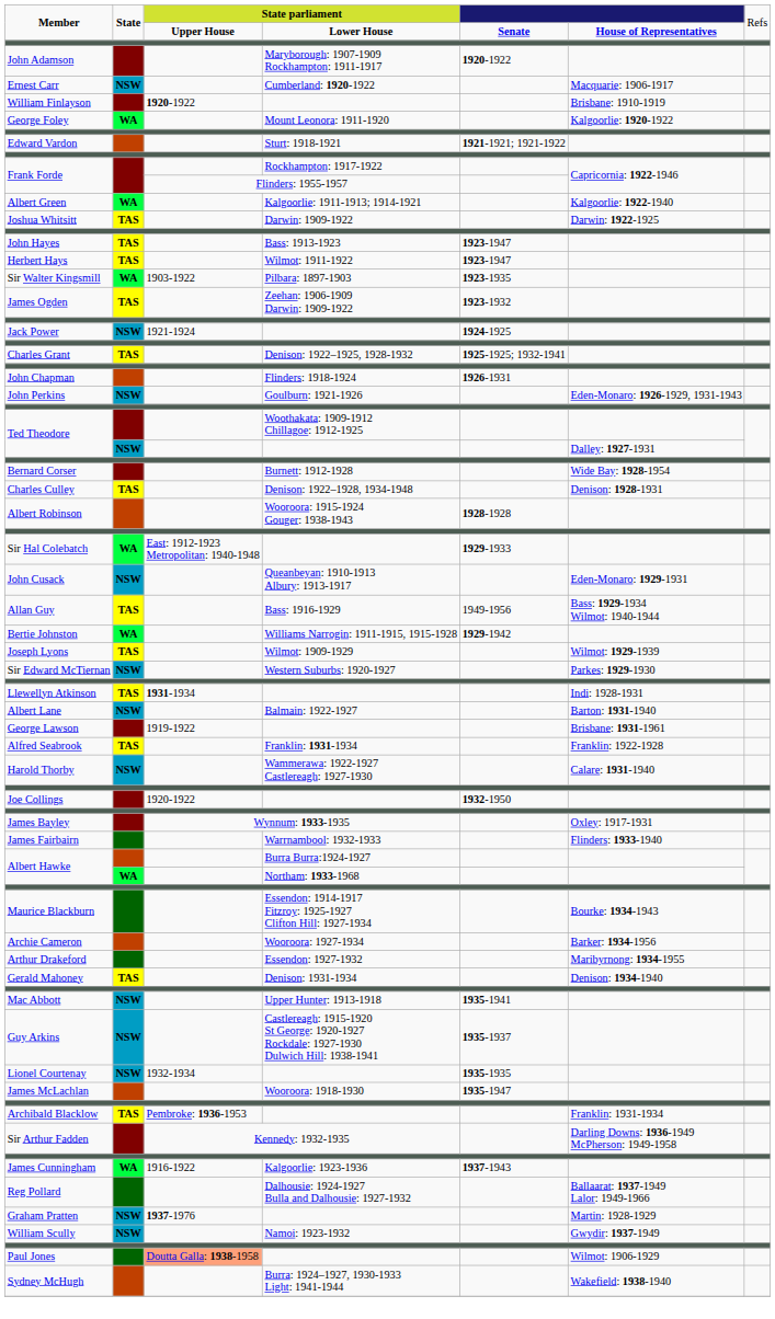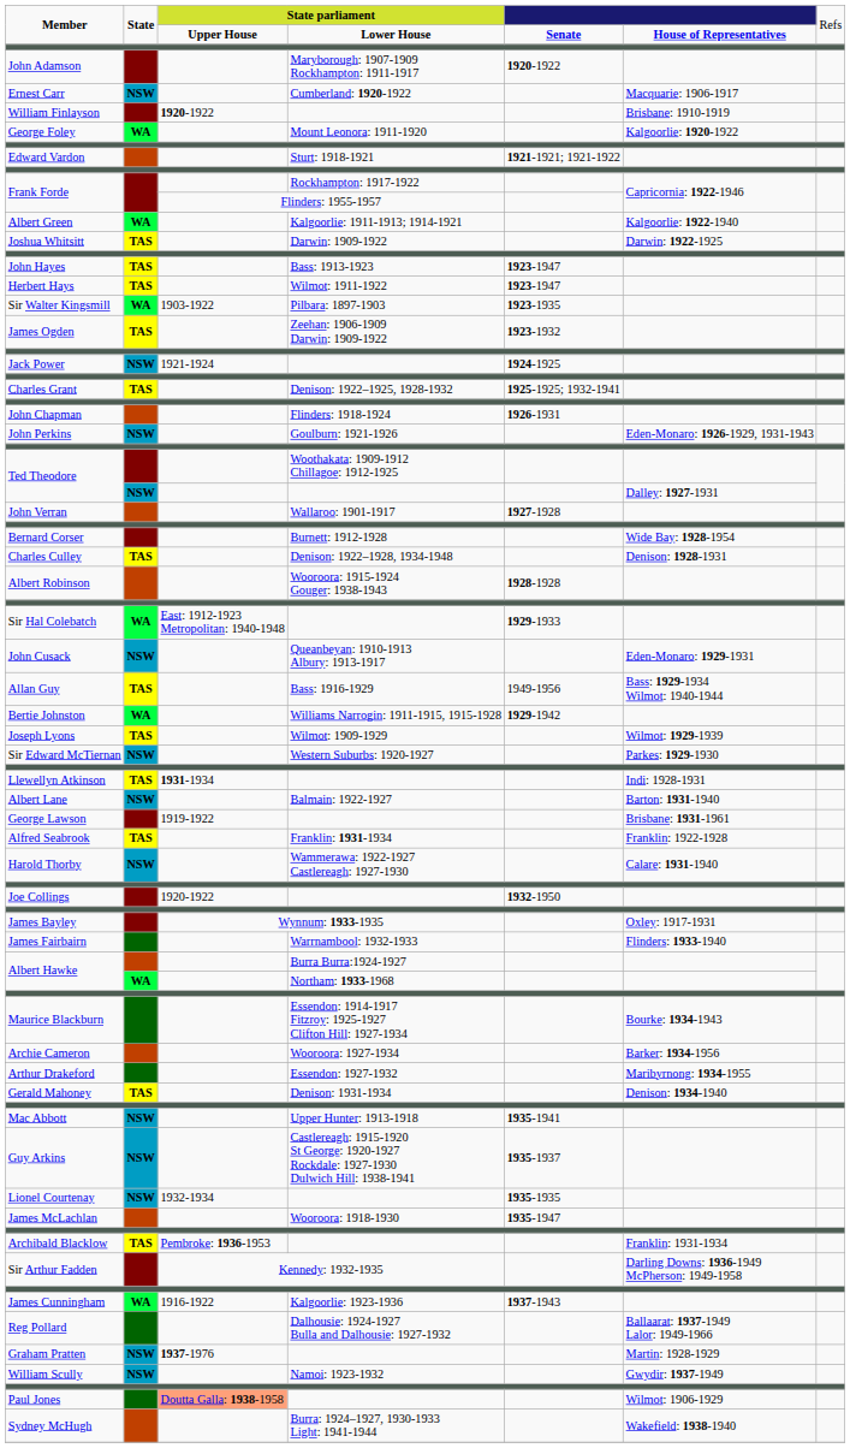 <table Class="wikitable">
 <tr>
 <td rowspan="2" align=center><strong>Member</strong></td>
 <td rowspan="2" align=center><strong>State</strong></td>
 <td style="background:#D1E231" align=center colspan="2"><strong>State parliament</strong></td>
 <td style="background:#191970" align=center colspan="2"></td>
 <td rowspan="2">Refs</td>
 </tr>
 <tr>
 <td align=center><strong>Upper House</strong></td>
 <td align=center><strong>Lower House</strong></td>
 <td align=center><a href='#'><strong>Senate</strong></a></td>
 <td align=center><a href='#'><strong>House of Representatives</strong></a></td>
 </tr>
 <tr>
 <td style="background:#4D5D53" align=center colspan="7"></td>
 </tr>
 <tr>
 <td><a href='#'>John Adamson</a></td>
 <td align=center style="background:maroon"></td>
 <td></td>
 <td><a href='#'>Maryborough</a>: 1907-1909<br><a href='#'>Rockhampton</a>: 1911-1917</td>
 <td><strong>1920</strong>-1922</td>
 <td></td>
 <td></td>
 </tr>
 <tr>
 <td><a href='#'>Ernest Carr</a></td>
 <td align=center style="background:#009DC4"><strong>NSW</strong></td>
 <td></td>
 <td><a href='#'>Cumberland</a>: <strong>1920</strong>-1922</td>
 <td></td>
 <td><a href='#'>Macquarie</a>: 1906-1917</td>
 <td></td>
 </tr>
 <tr>
 <td><a href='#'>William Finlayson</a></td>
 <td align=center style="background:maroon"></td>
 <td><strong>1920</strong>-1922</td>
 <td></td>
 <td></td>
 <td><a href='#'>Brisbane</a>: 1910-1919</td>
 <td></td>
 </tr>
 <tr>
 <td><a href='#'>George Foley</a></td>
 <td align=center style="background:#00FF40"><strong>WA</strong></td>
 <td></td>
 <td><a href='#'>Mount Leonora</a>: 1911-1920</td>
 <td></td>
 <td><a href='#'>Kalgoorlie</a>: <strong>1920</strong>-1922</td>
 <td></td>
 </tr>
 <tr>
 <td style="background:#4D5D53" align=center colspan="7"></td>
 </tr>
 <tr>
 <td><a href='#'>Edward Vardon</a></td>
 <td align=center style="background:#C04000"></td>
 <td></td>
 <td><a href='#'>Sturt</a>: 1918-1921</td>
 <td><strong>1921</strong>-1921; 1921-1922</td>
 <td></td>
 <td></td>
 </tr>
 <tr>
 <td style="background:#4D5D53" align=center colspan="7"></td>
 </tr>
 <tr>
 <td rowspan="2"><a href='#'>Frank Forde</a></td>
 <td rowspan="2" align=center style="background:maroon"></td>
 <td></td>
 <td><a href='#'>Rockhampton</a>: 1917-1922</td>
 <td></td>
 <td rowspan="2"><a href='#'>Capricornia</a>: <strong>1922</strong>-1946</td>
 <td rowspan="2"></td>
 </tr>
 <tr>
 <td colspan="2" align=center><a href='#'>Flinders</a>: 1955-1957</td>
 <td></td>
 </tr>
 <tr>
 <td><a href='#'>Albert Green</a></td>
 <td align=center style="background:#00FF40"><strong>WA</strong></td>
 <td></td>
 <td><a href='#'>Kalgoorlie</a>: 1911-1913; 1914-1921</td>
 <td></td>
 <td><a href='#'>Kalgoorlie</a>: <strong>1922</strong>-1940</td>
 <td></td>
 </tr>
 <tr>
 <td><a href='#'>Joshua Whitsitt</a></td>
 <td align=center style="background:yellow"><strong>TAS</strong></td>
 <td></td>
 <td><a href='#'>Darwin</a>: 1909-1922</td>
 <td></td>
 <td><a href='#'>Darwin</a>: <strong>1922</strong>-1925</td>
 <td></td>
 </tr>
 <tr>
 <td style="background:#4D5D53" align=center colspan="7"></td>
 </tr>
 <tr>
 <td><a href='#'>John Hayes</a></td>
 <td align=center style="background:yellow"><strong>TAS</strong></td>
 <td></td>
 <td><a href='#'>Bass</a>: 1913-1923</td>
 <td><strong>1923</strong>-1947</td>
 <td></td>
 <td></td>
 </tr>
 <tr>
 <td><a href='#'>Herbert Hays</a></td>
 <td align=center style="background:yellow"><strong>TAS</strong></td>
 <td></td>
 <td><a href='#'>Wilmot</a>: 1911-1922</td>
 <td><strong>1923</strong>-1947</td>
 <td></td>
 <td></td>
 </tr>
 <tr>
 <td>Sir <a href='#'>Walter Kingsmill</a></td>
 <td align=center style="background:#00FF40"><strong>WA</strong></td>
 <td>1903-1922</td>
 <td><a href='#'>Pilbara</a>: 1897-1903</td>
 <td><strong>1923</strong>-1935</td>
 <td></td>
 <td></td>
 </tr>
 <tr>
 <td><a href='#'>James Ogden</a></td>
 <td align=center style="background:yellow"><strong>TAS</strong></td>
 <td></td>
 <td><a href='#'>Zeehan</a>: 1906-1909<br><a href='#'>Darwin</a>: 1909-1922</td>
 <td><strong>1923</strong>-1932</td>
 <td></td>
 <td></td>
 </tr>
 <tr>
 <td style="background:#4D5D53" align=center colspan="7"></td>
 </tr>
 <tr>
 <td><a href='#'>Jack Power</a></td>
 <td align=center style="background:#009DC4"><strong>NSW</strong></td>
 <td>1921-1924</td>
 <td></td>
 <td><strong>1924</strong>-1925</td>
 <td></td>
 <td></td>
 </tr>
 <tr>
 <td style="background:#4D5D53" align=center colspan="7"></td>
 </tr>
 <tr>
 <td><a href='#'>Charles Grant</a></td>
 <td align=center style="background:yellow"><strong>TAS</strong></td>
 <td></td>
 <td><a href='#'>Denison</a>: 1922–1925, 1928-1932</td>
 <td><strong>1925</strong>-1925; 1932-1941</td>
 <td></td>
 <td></td>
 </tr>
 <tr>
 <td style="background:#4D5D53" align=center colspan="7"></td>
 </tr>
 <tr>
 <td><a href='#'>John Chapman</a></td>
 <td align=center style="background:#C04000"></td>
 <td></td>
 <td><a href='#'>Flinders</a>: 1918-1924</td>
 <td><strong>1926</strong>-1931</td>
 <td></td>
 <td></td>
 </tr>
 <tr>
 <td><a href='#'>John Perkins</a></td>
 <td align=center style="background:#009DC4"><strong>NSW</strong></td>
 <td></td>
 <td><a href='#'>Goulburn</a>: 1921-1926</td>
 <td></td>
 <td><a href='#'>Eden-Monaro</a>: <strong>1926</strong>-1929, 1931-1943</td>
 <td></td>
 </tr>
 <tr>
 <td style="background:#4D5D53" align=center colspan="7"></td>
 </tr>
 <tr>
 <td rowspan="2"><a href='#'>Ted Theodore</a></td>
 <td align=center style="background:maroon"></td>
 <td></td>
 <td><a href='#'>Woothakata</a>: 1909-1912<br><a href='#'>Chillagoe</a>: 1912-1925</td>
 <td></td>
 <td></td>
 <td rowspan="2"></td>
 </tr>
 <tr>
 <td align=center style="background:#009DC4"><strong>NSW</strong></td>
 <td></td>
 <td></td>
 <td></td>
 <td><a href='#'>Dalley</a>: <strong>1927</strong>-1931</td>
+</tr>
+<tr>
+<td><a href='#'>John Verran</a></td>
+<td align=center style="background:#C04000"></td>
+<td></td>
+<td><a href='#'>Wallaroo</a>: 1901-1917</td>
+<td><strong>1927</strong>-1928</td>
+<td></td>
+<td></td>
 </tr>
 <tr>
 <td style="background:#4D5D53" align=center colspan="7"></td>
 </tr>
 <tr>
 <td><a href='#'>Bernard Corser</a></td>
 <td align=center style="background:maroon"></td>
 <td></td>
 <td><a href='#'>Burnett</a>: 1912-1928</td>
 <td></td>
 <td><a href='#'>Wide Bay</a>: <strong>1928</strong>-1954</td>
 <td></td>
 </tr>
 <tr>
 <td><a href='#'>Charles Culley</a></td>
 <td align=center style="background:yellow"><strong>TAS</strong></td>
 <td></td>
 <td><a href='#'>Denison</a>: 1922–1928, 1934-1948</td>
 <td></td>
 <td><a href='#'>Denison</a>: <strong>1928</strong>-1931</td>
 <td></td>
 </tr>
 <tr>
 <td><a href='#'>Albert Robinson</a></td>
 <td align=center style="background:#C04000"></td>
 <td></td>
 <td><a href='#'>Wooroora</a>: 1915-1924<br><a href='#'>Gouger</a>: 1938-1943</td>
 <td><strong>1928</strong>-1928</td>
 <td></td>
 <td></td>
 </tr>
 <tr>
 <td style="background:#4D5D53" align=center colspan="7"></td>
 </tr>
 <tr>
 <td>Sir <a href='#'>Hal Colebatch</a></td>
 <td align=center style="background:#00FF40"><strong>WA</strong></td>
 <td><a href='#'>East</a>: 1912-1923<br><a href='#'>Metropolitan</a>: 1940-1948</td>
 <td></td>
 <td><strong>1929</strong>-1933</td>
 <td></td>
 <td></td>
 </tr>
 <tr>
 <td><a href='#'>John Cusack</a></td>
 <td align=center style="background:#009DC4"><strong>NSW</strong></td>
 <td></td>
 <td><a href='#'>Queanbeyan</a>: 1910-1913<br><a href='#'>Albury</a>: 1913-1917</td>
 <td></td>
 <td><a href='#'>Eden-Monaro</a>: <strong>1929</strong>-1931</td>
 <td></td>
 </tr>
 <tr>
 <td><a href='#'>Allan Guy</a></td>
 <td align=center style="background:yellow"><strong>TAS</strong></td>
 <td></td>
 <td><a href='#'>Bass</a>: 1916-1929</td>
 <td>1949-1956</td>
 <td><a href='#'>Bass</a>: <strong>1929</strong>-1934<br><a href='#'>Wilmot</a>: 1940-1944</td>
 <td></td>
 </tr>
 <tr>
 <td><a href='#'>Bertie Johnston</a></td>
 <td align=center style="background:#00FF40"><strong>WA</strong></td>
 <td></td>
 <td><a href='#'>Williams Narrogin</a>: 1911-1915, 1915-1928</td>
 <td><strong>1929</strong>-1942</td>
 <td></td>
 <td></td>
 </tr>
 <tr>
 <td><a href='#'>Joseph Lyons</a></td>
 <td align=center style="background:yellow"><strong>TAS</strong></td>
 <td></td>
 <td><a href='#'>Wilmot</a>: 1909-1929</td>
 <td></td>
 <td><a href='#'>Wilmot</a>: <strong>1929</strong>-1939</td>
 <td></td>
 </tr>
 <tr>
 <td>Sir <a href='#'>Edward McTiernan</a></td>
 <td align=center style="background:#009DC4"><strong>NSW</strong></td>
 <td></td>
 <td><a href='#'>Western Suburbs</a>: 1920-1927</td>
 <td></td>
 <td><a href='#'>Parkes</a>: <strong>1929</strong>-1930</td>
 <td></td>
 </tr>
 <tr>
 <td style="background:#4D5D53" align=center colspan="7"></td>
 </tr>
 <tr>
 <td><a href='#'>Llewellyn Atkinson</a></td>
 <td align=center style="background:yellow"><strong>TAS</strong></td>
 <td><strong>1931</strong>-1934</td>
 <td></td>
 <td></td>
 <td><a href='#'>Indi</a>: 1928-1931</td>
 <td></td>
 </tr>
 <tr>
 <td><a href='#'>Albert Lane</a></td>
 <td align=center style="background:#009DC4"><strong>NSW</strong></td>
 <td></td>
 <td><a href='#'>Balmain</a>: 1922-1927</td>
 <td></td>
 <td><a href='#'>Barton</a>: <strong>1931</strong>-1940</td>
 <td></td>
 </tr>
 <tr>
 <td><a href='#'>George Lawson</a></td>
 <td align=center style="background:maroon"></td>
 <td>1919-1922</td>
 <td></td>
 <td></td>
 <td><a href='#'>Brisbane</a>: <strong>1931</strong>-1961</td>
 <td></td>
 </tr>
 <tr>
 <td><a href='#'>Alfred Seabrook</a></td>
 <td align=center style="background:yellow"><strong>TAS</strong></td>
 <td></td>
 <td><a href='#'>Franklin</a>: <strong>1931</strong>-1934</td>
 <td></td>
 <td><a href='#'>Franklin</a>: 1922-1928</td>
 <td></td>
 </tr>
 <tr>
 <td><a href='#'>Harold Thorby</a></td>
 <td align=center style="background:#009DC4"><strong>NSW</strong></td>
 <td></td>
 <td><a href='#'>Wammerawa</a>: 1922-1927<br><a href='#'>Castlereagh</a>: 1927-1930</td>
 <td></td>
 <td><a href='#'>Calare</a>: <strong>1931</strong>-1940</td>
 <td></td>
 </tr>
 <tr>
 <td style="background:#4D5D53" align=center colspan="7"></td>
 </tr>
 <tr>
 <td><a href='#'>Joe Collings</a></td>
 <td align=center style="background:maroon"></td>
 <td>1920-1922</td>
 <td></td>
 <td><strong>1932</strong>-1950</td>
 <td></td>
 <td></td>
 </tr>
 <tr>
 <td style="background:#4D5D53" align=center colspan="7"></td>
 </tr>
 <tr>
 <td><a href='#'>James Bayley</a></td>
 <td align=center style="background:maroon"></td>
 <td colspan="2" align=center><a href='#'>Wynnum</a>: <strong>1933</strong>-1935</td>
 <td></td>
 <td><a href='#'>Oxley</a>: 1917-1931</td>
 <td></td>
 </tr>
 <tr>
 <td><a href='#'>James Fairbairn</a></td>
 <td align=center style="background:darkgreen"></td>
 <td></td>
 <td><a href='#'>Warrnambool</a>: 1932-1933</td>
 <td></td>
 <td><a href='#'>Flinders</a>: <strong>1933</strong>-1940</td>
 <td></td>
 </tr>
 <tr>
 <td rowspan="2"><a href='#'>Albert Hawke</a></td>
 <td align=center style="background:#C04000"></td>
 <td></td>
 <td><a href='#'>Burra Burra</a>:1924-1927</td>
 <td></td>
 <td></td>
 <td rowspan="2"></td>
 </tr>
 <tr>
 <td align=center style="background:#00FF40"><strong>WA</strong></td>
 <td></td>
 <td><a href='#'>Northam</a>: <strong>1933</strong>-1968</td>
 <td></td>
 <td></td>
 </tr>
 <tr>
 <td style="background:#4D5D53" align=center colspan="7"></td>
 </tr>
 <tr>
 <td><a href='#'>Maurice Blackburn</a></td>
 <td align=center style="background:darkgreen"></td>
 <td></td>
 <td><a href='#'>Essendon</a>: 1914-1917<br><a href='#'>Fitzroy</a>: 1925-1927<br><a href='#'>Clifton Hill</a>: 1927-1934</td>
 <td></td>
 <td><a href='#'>Bourke</a>: <strong>1934</strong>-1943</td>
 <td></td>
 </tr>
 <tr>
 <td><a href='#'>Archie Cameron</a></td>
 <td align=center style="background:#C04000"></td>
 <td></td>
 <td><a href='#'>Wooroora</a>: 1927-1934</td>
 <td></td>
 <td><a href='#'>Barker</a>: <strong>1934</strong>-1956</td>
 <td></td>
 </tr>
 <tr>
 <td><a href='#'>Arthur Drakeford</a></td>
 <td align=center style="background:darkgreen"></td>
 <td></td>
 <td><a href='#'>Essendon</a>: 1927-1932</td>
 <td></td>
 <td><a href='#'>Maribyrnong</a>: <strong>1934</strong>-1955</td>
 <td></td>
 </tr>
 <tr>
 <td><a href='#'>Gerald Mahoney</a></td>
 <td align=center style="background:yellow"><strong>TAS</strong></td>
 <td></td>
 <td><a href='#'>Denison</a>: 1931-1934</td>
 <td></td>
 <td><a href='#'>Denison</a>: <strong>1934</strong>-1940</td>
 <td></td>
 </tr>
 <tr>
 <td style="background:#4D5D53" align=center colspan="7"></td>
 </tr>
 <tr>
 <td><a href='#'>Mac Abbott</a></td>
 <td align=center style="background:#009DC4"><strong>NSW</strong></td>
 <td></td>
 <td><a href='#'>Upper Hunter</a>: 1913-1918</td>
 <td><strong>1935</strong>-1941</td>
 <td></td>
 <td></td>
 </tr>
 <tr>
 <td><a href='#'>Guy Arkins</a></td>
 <td align=center style="background:#009DC4"><strong>NSW</strong></td>
 <td></td>
 <td><a href='#'>Castlereagh</a>: 1915-1920<br><a href='#'>St George</a>: 1920-1927<br><a href='#'>Rockdale</a>: 1927-1930<br><a href='#'>Dulwich Hill</a>: 1938-1941</td>
 <td><strong>1935</strong>-1937</td>
 <td></td>
 <td></td>
 </tr>
 <tr>
 <td><a href='#'>Lionel Courtenay</a></td>
 <td align=center style="background:#009DC4"><strong>NSW</strong></td>
 <td>1932-1934</td>
 <td></td>
 <td><strong>1935</strong>-1935</td>
 <td></td>
 <td></td>
 </tr>
 <tr>
 <td><a href='#'>James McLachlan</a></td>
 <td align=center style="background:#C04000"></td>
 <td></td>
 <td><a href='#'>Wooroora</a>: 1918-1930</td>
 <td><strong>1935</strong>-1947</td>
 <td></td>
 <td></td>
 </tr>
 <tr>
 <td style="background:#4D5D53" align=center colspan="7"></td>
 </tr>
 <tr>
 <td><a href='#'>Archibald Blacklow</a></td>
 <td align=center style="background:yellow"><strong>TAS</strong></td>
 <td><a href='#'>Pembroke</a>: <strong>1936</strong>-1953</td>
 <td></td>
 <td></td>
 <td><a href='#'>Franklin</a>: 1931-1934</td>
 <td></td>
 </tr>
 <tr>
 <td>Sir <a href='#'>Arthur Fadden</a></td>
 <td align=center style="background:maroon"></td>
 <td colspan="2" align=center><a href='#'>Kennedy</a>: 1932-1935</td>
 <td></td>
 <td><a href='#'>Darling Downs</a>: <strong>1936</strong>-1949<br><a href='#'>McPherson</a>: 1949-1958</td>
 <td></td>
 </tr>
 <tr>
 <td style="background:#4D5D53" align=center colspan="7"></td>
 </tr>
 <tr>
 <td><a href='#'>James Cunningham</a></td>
 <td align=center style="background:#00FF40"><strong>WA</strong></td>
 <td>1916-1922</td>
 <td><a href='#'>Kalgoorlie</a>: 1923-1936</td>
 <td><strong>1937</strong>-1943</td>
 <td></td>
 <td></td>
 </tr>
 <tr>
 <td><a href='#'>Reg Pollard</a></td>
 <td align=center style="background:darkgreen"></td>
 <td></td>
 <td><a href='#'>Dalhousie</a>: 1924-1927<br><a href='#'>Bulla and Dalhousie</a>: 1927-1932</td>
 <td></td>
 <td><a href='#'>Ballaarat</a>: <strong>1937</strong>-1949<br><a href='#'>Lalor</a>: 1949-1966</td>
 <td></td>
 </tr>
 <tr>
 <td><a href='#'>Graham Pratten</a></td>
 <td align=center style="background:#009DC4"><strong>NSW</strong></td>
 <td><strong>1937</strong>-1976</td>
 <td></td>
 <td></td>
 <td><a href='#'>Martin</a>: 1928-1929</td>
 <td></td>
 </tr>
 <tr>
 <td><a href='#'>William Scully</a></td>
 <td align=center style="background:#009DC4"><strong>NSW</strong></td>
 <td></td>
 <td><a href='#'>Namoi</a>: 1923-1932</td>
 <td></td>
 <td><a href='#'>Gwydir</a>: <strong>1937</strong>-1949</td>
 <td></td>
 </tr>
 <tr>
 <td style="background:#4D5D53" align=center colspan="7"></td>
 </tr>
 <tr>
 <td><a href='#'>Paul Jones</a></td>
 <td align=center style="background:darkgreen"></td>
 <td style="background: lightsalmon;"><a href='#'>Doutta Galla</a>: <strong>1938</strong>-1958</td>
 <td></td>
 <td></td>
 <td><a href='#'>Wilmot</a>: 1906-1929</td>
 <td></td>
 </tr>
 <tr>
 <td><a href='#'>Sydney McHugh</a></td>
 <td align=center style="background:#C04000"></td>
 <td></td>
 <td><a href='#'>Burra</a>: 1924–1927, 1930-1933<br><a href='#'>Light</a>: 1941-1944</td>
 <td></td>
 <td><a href='#'>Wakefield</a>: <strong>1938</strong>-1940</td>
 <td></td>
 </tr>
 <tr>
 </tr>
 </table>
